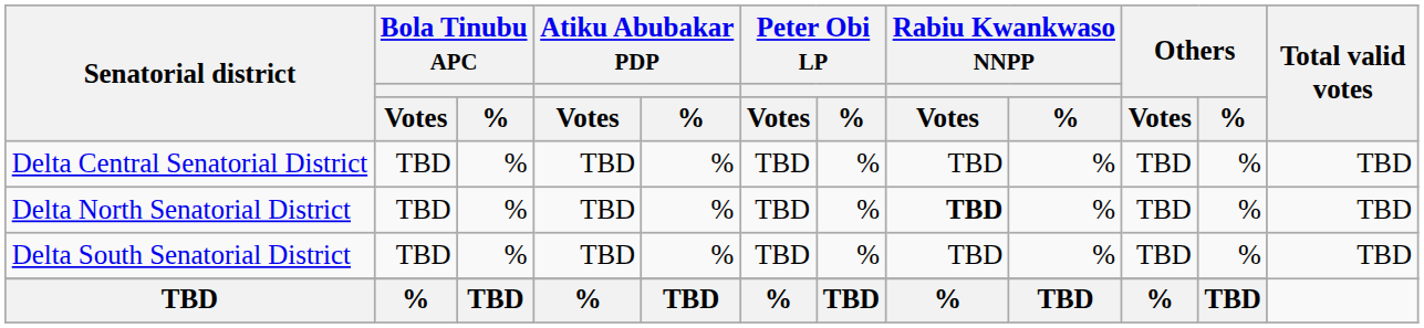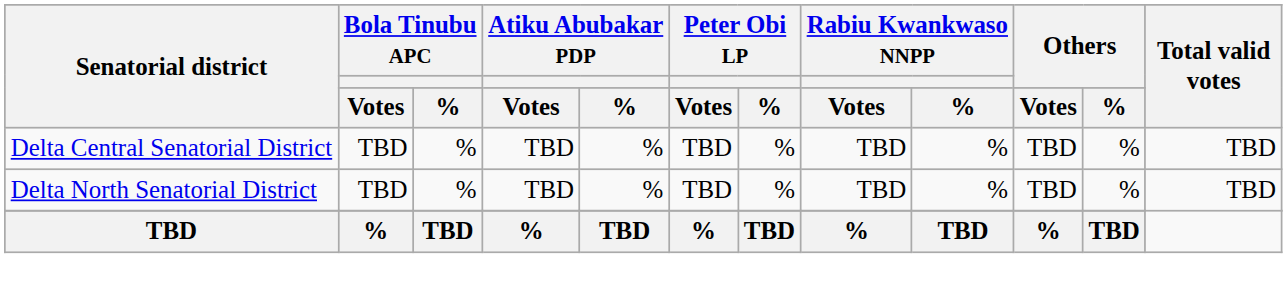 <table class="wikitable sortable" style="text-align:right; font-size:90%">
 <tr>
 <th rowspan="3" style="max-width:7.5em;">Senatorial district</th>
 <th colspan="2"><a href='#'>Bola Tinubu</a><br><small>APC</small></th>
 <th colspan="2"><a href='#'>Atiku Abubakar</a><br><small>PDP</small></th>
 <th colspan="2"><a href='#'>Peter Obi</a><br><small>LP</small></th>
 <th colspan="2"><a href='#'>Rabiu Kwankwaso</a><br><small>NNPP</small></th>
 <th colspan="2" rowspan="2">Others</th>
 <th rowspan="3" style="max-width:5em;">Total valid votes</th>
 </tr>
 <tr>
 <th colspan=2 style="background-color:"></th>
 <th colspan=2 style="background-color:"></th>
 <th colspan=2 style="background-color:"></th>
 <th colspan=2 style="background-color:"></th>
 </tr>
 <tr>
 <th>Votes</th>
 <th>%</th>
 <th>Votes</th>
 <th>%</th>
 <th>Votes</th>
 <th>%</th>
 <th>Votes</th>
 <th>%</th>
 <th>Votes</th>
 <th>%</th>
 </tr>
 <tr style="background-color:#">
 <td style="text-align:left;"><a href='#'>Delta Central Senatorial District</a></td>
 <td>TBD</td>
 <td>%</td>
 <td>TBD</td>
 <td>%</td>
 <td>TBD</td>
 <td>%</td>
 <td>TBD</td>
 <td>%</td>
 <td>TBD</td>
 <td>%</td>
 <td>TBD</td>
 </tr>
 <tr style="background-color:#">
 <td style="text-align:left;"><a href='#'>Delta North Senatorial District</a></td>
 <td>TBD</td>
 <td>%</td>
 <td>TBD</td>
 <td>%</td>
 <td>TBD</td>
 <td>%</td>
-<td><strong>TBD</strong></td>
-<td>%</td>
-<td>TBD</td>
-<td>%</td>
-<td>TBD</td>
-</tr>
-<tr style="background-color:#">
-<td style="text-align:left;"><a href='#'>Delta South Senatorial District</a></td>
-<td>TBD</td>
-<td>%</td>
-<td>TBD</td>
-<td>%</td>
-<td>TBD</td>
-<td>%</td>
 <td>TBD</td>
 <td>%</td>
 <td>TBD</td>
 <td>%</td>
 <td>TBD</td>
 </tr>
 <tr>
 </tr>
 <tr>
 <th>TBD</th>
 <th>%</th>
 <th>TBD</th>
 <th>%</th>
 <th>TBD</th>
 <th>%</th>
 <th>TBD</th>
 <th>%</th>
 <th>TBD</th>
 <th>%</th>
 <th>TBD</th>
 </tr>
 </table>
